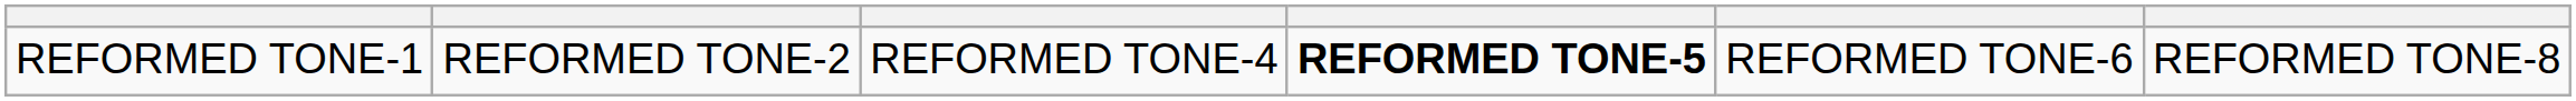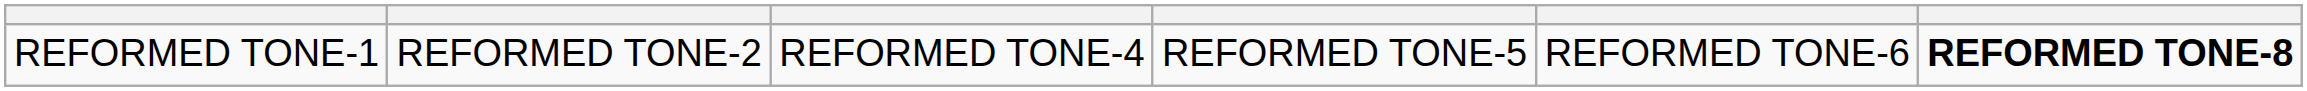 <table class="wikitable">
 <tr align="center" style="font-size: 18px">
 <th></th>
 <th></th>
 <th></th>
 <th></th>
 <th></th>
 <th></th>
 </tr>
 <tr align="center">
 <td>REFORMED TONE-1</td>
 <td>REFORMED TONE-2</td>
 <td>REFORMED TONE-4</td>
-<td><strong>REFORMED TONE-5</strong></td>
+<td>REFORMED TONE-5</td>
 <td>REFORMED TONE-6</td>
-<td>REFORMED TONE-8</td>
+<td><strong>REFORMED TONE-8</strong></td>
 </tr>
 </table>
